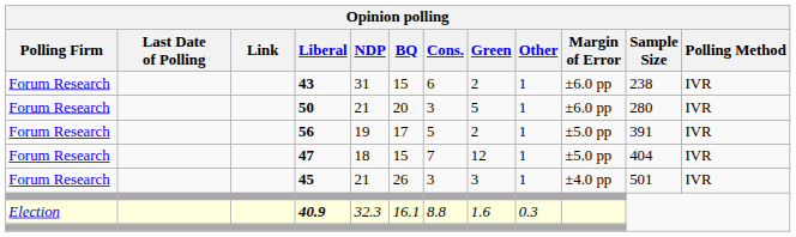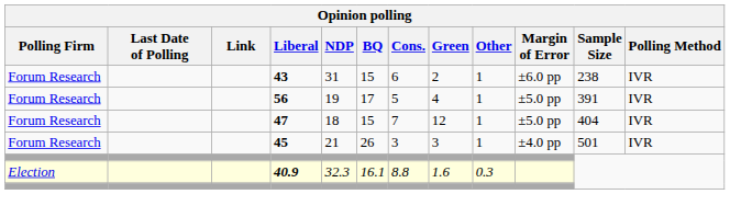 <table class="wikitable collapsible sortable collapsed">
 <tr style="background:#e9e9e9;">
 <th style="width:640px,;" colspan="12">Opinion polling</th>
 </tr>
 <tr style="background:#e9e9e9;">
 <th style="width:110px">Polling Firm</th>
 <th style="width:110px">Last Date<br>of Polling</th>
 <th style="width:60px" class="unsortable">Link</th>
 <th style="background-color:"><a href='#'>Liberal</a></th>
 <th style="background-color:"><a href='#'>NDP</a></th>
 <th style="background-color:"><a href='#'>BQ</a></th>
 <th style="background-color:"><a href='#'>Cons.</a></th>
 <th style="background-color:"><a href='#'>Green</a></th>
 <th style="background-color:"><a href='#'>Other</a></th>
 <th style="width:60px;" class=unsortable>Margin<br>of Error</th>
 <th style="width:50px;" class=unsortable>Sample<br>Size</th>
 <th class=unsortable>Polling Method</th>
 </tr>
 <tr>
 <td><a href='#'>Forum Research</a></td>
 <td></td>
 <td></td>
 <td><strong>43</strong></td>
 <td>31</td>
 <td>15</td>
 <td>6</td>
 <td>2</td>
 <td>1</td>
 <td>±6.0 pp</td>
 <td>238</td>
 <td>IVR</td>
 </tr>
 <tr>
 <td><a href='#'>Forum Research</a></td>
 <td></td>
 <td></td>
-<td><strong>50</strong></td>
-<td>21</td>
-<td>20</td>
-<td>3</td>
-<td>5</td>
-<td>1</td>
-<td>±6.0 pp</td>
-<td>280</td>
-<td>IVR</td>
-</tr>
-<tr>
-<td><a href='#'>Forum Research</a></td>
-<td></td>
-<td></td>
 <td><strong>56</strong></td>
 <td>19</td>
 <td>17</td>
 <td>5</td>
-<td>2</td>
+<td>4</td>
 <td>1</td>
 <td>±5.0 pp</td>
 <td>391</td>
 <td>IVR</td>
 </tr>
 <tr>
 <td><a href='#'>Forum Research</a></td>
 <td></td>
 <td></td>
 <td><strong>47</strong></td>
 <td>18</td>
 <td>15</td>
 <td>7</td>
 <td>12</td>
 <td>1</td>
 <td>±5.0 pp</td>
 <td>404</td>
 <td>IVR</td>
 </tr>
 <tr>
 <td><a href='#'>Forum Research</a></td>
 <td></td>
 <td></td>
 <td><strong>45</strong></td>
 <td>21</td>
 <td>26</td>
 <td>3</td>
 <td>3</td>
 <td>1</td>
 <td>±4.0 pp</td>
 <td>501</td>
 <td>IVR</td>
 </tr>
 <tr style="background:Darkgrey;">
 <td></td>
 <td></td>
 <td></td>
 <td></td>
 <td></td>
 <td></td>
 <td></td>
 <td></td>
 <td></td>
 <td></td>
 </tr>
 <tr>
 <td style="background:#ffd;"><em><a href='#'>Election</a></em></td>
 <td style="background:#ffd;"></td>
 <td style="background:#ffd;"></td>
 <td style="background:#ffd;"><strong><em>40.9</em></strong></td>
 <td style="background:#ffd;"><em>32.3</em></td>
 <td style="background:#ffd;"><em>16.1</em></td>
 <td style="background:#ffd;"><em>8.8</em></td>
 <td style="background:#ffd;"><em>1.6</em></td>
 <td style="background:#ffd;"><em>0.3</em></td>
 <td style="background:#ffd;"></td>
 </tr>
 <tr style="background:Darkgrey;">
 <td></td>
 <td></td>
 <td></td>
 <td></td>
 <td></td>
 <td></td>
 <td></td>
 <td></td>
 <td></td>
 <td></td>
 </tr>
 </table>
